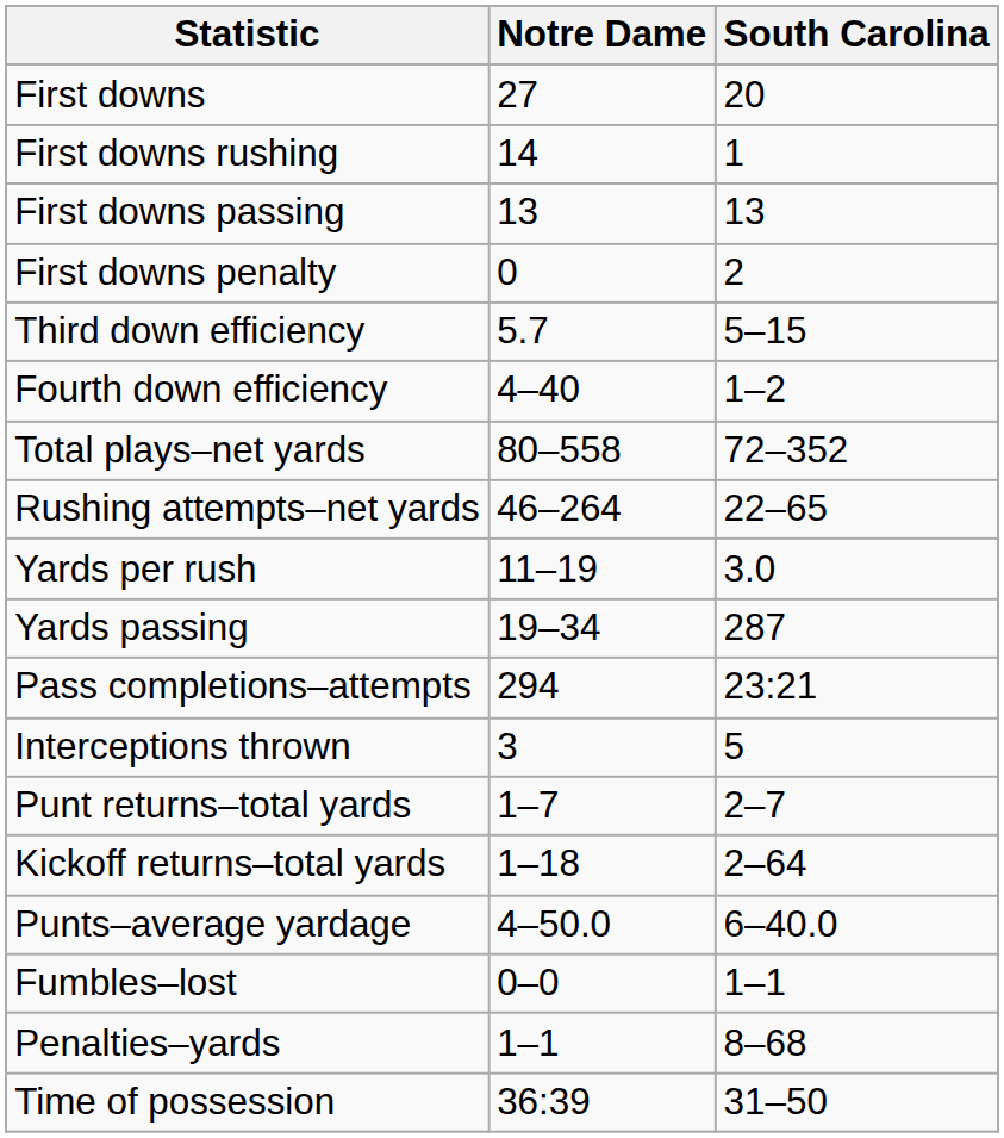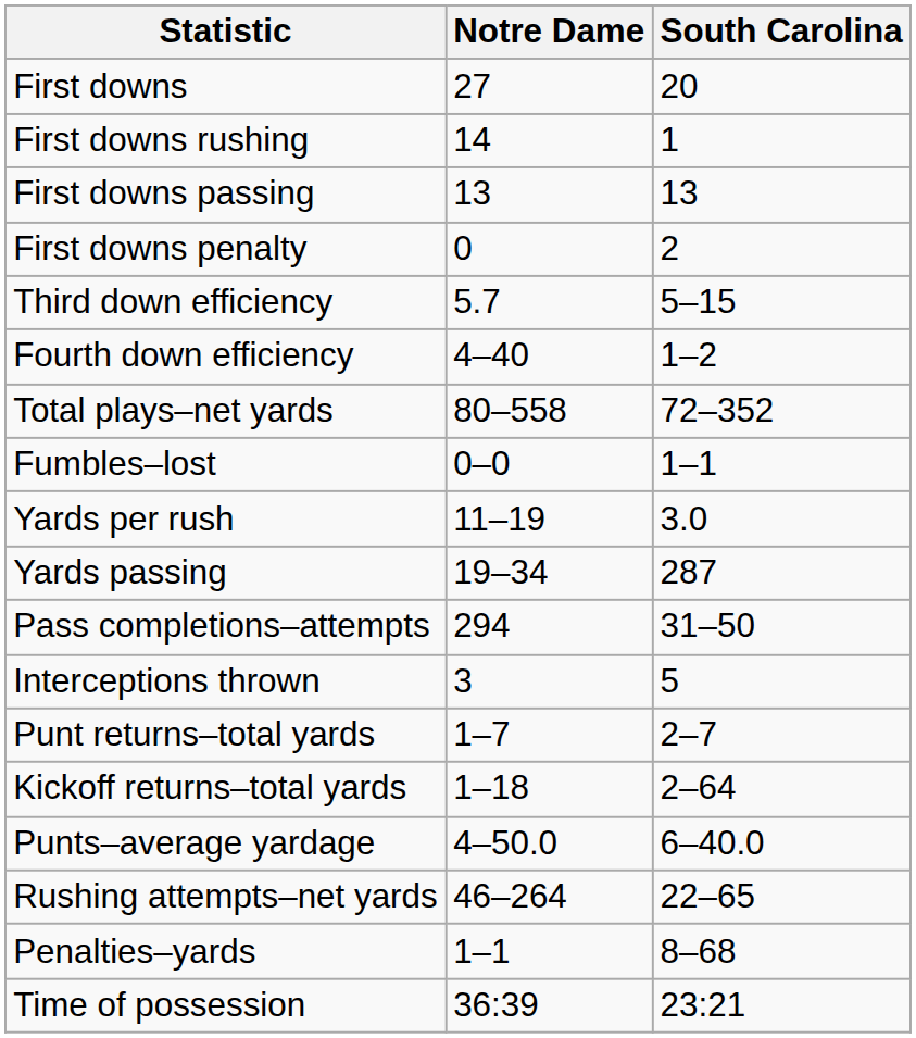 <table class="wikitable">
 <tr>
 <th>Statistic</th>
 <th><strong>Notre Dame</strong></th>
 <th><strong>South Carolina</strong></th>
 </tr>
 <tr>
 <td>First downs</td>
 <td>27</td>
 <td>20</td>
 </tr>
 <tr>
 <td>First downs rushing</td>
 <td>14</td>
 <td>1</td>
 </tr>
 <tr>
 <td>First downs passing</td>
 <td>13</td>
 <td>13</td>
 </tr>
 <tr>
 <td>First downs penalty</td>
 <td>0</td>
 <td>2</td>
 </tr>
 <tr>
 <td>Third down efficiency</td>
 <td>5.7</td>
 <td>5–15</td>
 </tr>
 <tr>
 <td>Fourth down efficiency</td>
 <td>4–40</td>
 <td>1–2</td>
 </tr>
 <tr>
 <td>Total plays–net yards</td>
 <td>80–558</td>
 <td>72–352</td>
 </tr>
 <tr>
-<td>Rushing attempts–net yards</td>
-<td>46–264</td>
-<td>22–65</td>
+<td>Fumbles–lost</td>
+<td>0–0</td>
+<td>1–1</td>
 </tr>
 <tr>
 <td>Yards per rush</td>
 <td>11–19</td>
 <td>3.0</td>
 </tr>
 <tr>
 <td>Yards passing</td>
 <td>19–34</td>
 <td>287</td>
 </tr>
 <tr>
 <td>Pass completions–attempts</td>
 <td>294</td>
-<td>23:21</td>
+<td>31–50</td>
 </tr>
 <tr>
 <td>Interceptions thrown</td>
 <td>3</td>
 <td>5</td>
 </tr>
 <tr>
 <td>Punt returns–total yards</td>
 <td>1–7</td>
 <td>2–7</td>
 </tr>
 <tr>
 <td>Kickoff returns–total yards</td>
 <td>1–18</td>
 <td>2–64</td>
 </tr>
 <tr>
 <td>Punts–average yardage</td>
 <td>4–50.0</td>
 <td>6–40.0</td>
 </tr>
 <tr>
-<td>Fumbles–lost</td>
-<td>0–0</td>
-<td>1–1</td>
+<td>Rushing attempts–net yards</td>
+<td>46–264</td>
+<td>22–65</td>
 </tr>
 <tr>
 <td>Penalties–yards</td>
 <td>1–1</td>
 <td>8–68</td>
 </tr>
 <tr>
 <td>Time of possession</td>
 <td>36:39</td>
-<td>31–50</td>
+<td>23:21</td>
 </tr>
 </table>
